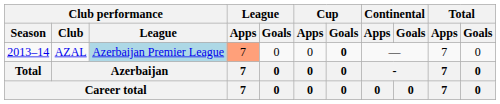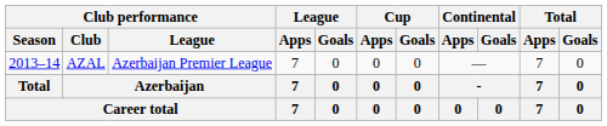 <table class="wikitable" style="text-align:center">
 <tr>
 <th colspan=3>Club performance</th>
 <th colspan=2>League</th>
 <th colspan=2>Cup</th>
 <th colspan=2>Continental</th>
 <th colspan=2>Total</th>
 </tr>
 <tr>
 <th>Season</th>
 <th>Club</th>
 <th>League</th>
 <th>Apps</th>
 <th>Goals</th>
 <th>Apps</th>
 <th>Goals</th>
 <th>Apps</th>
 <th>Goals</th>
 <th>Apps</th>
 <th>Goals</th>
 </tr>
 <tr>
 <td><a href='#'>2013–14</a></td>
 <td><a href='#'>AZAL</a></td>
-<td style="background: lightblue;"><a href='#'>Azerbaijan Premier League</a></td>
-<td style="background: lightsalmon;">7</td>
+<td><a href='#'>Azerbaijan Premier League</a></td>
+<td>7</td>
 <td>0</td>
 <td>0</td>
-<td><strong>0</strong></td>
+<td>0</td>
 <td colspan="2">—</td>
 <td>7</td>
 <td>0</td>
 </tr>
 <tr>
 <th rowspan=1>Total</th>
 <th colspan=2>Azerbaijan</th>
 <th>7</th>
 <th>0</th>
 <th>0</th>
 <th>0</th>
 <th colspan="2">-</th>
 <th>7</th>
 <th>0</th>
 </tr>
 <tr>
 <th colspan=3>Career total</th>
 <th>7</th>
 <th>0</th>
 <th>0</th>
 <th>0</th>
 <th>0</th>
 <th>0</th>
 <th>7</th>
 <th>0</th>
 </tr>
 </table>
